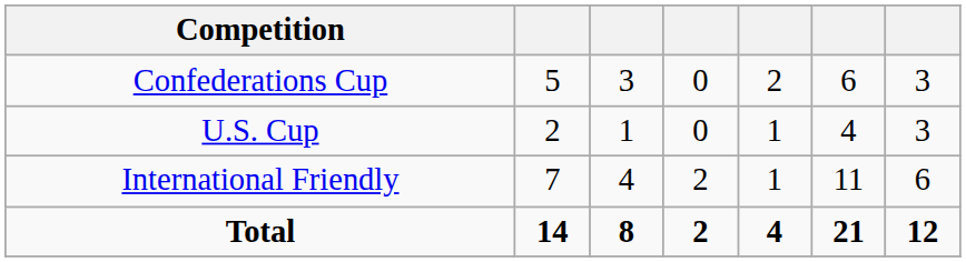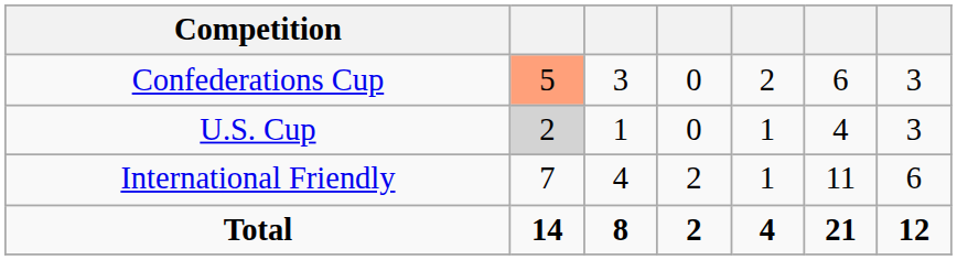 <table class="wikitable" style="text-align: center;">
 <tr>
 <th width=250>Competition</th>
 <th width=30></th>
 <th width=30></th>
 <th width=30></th>
 <th width=30></th>
 <th width=30></th>
 <th width=30></th>
 </tr>
 <tr>
 <td><a href='#'>Confederations Cup</a></td>
-<td>5</td>
+<td style="background: lightsalmon;">5</td>
 <td>3</td>
 <td>0</td>
 <td>2</td>
 <td>6</td>
 <td>3</td>
 </tr>
 <tr>
 <td><a href='#'>U.S. Cup</a></td>
-<td>2</td>
+<td style="background: lightgrey;">2</td>
 <td>1</td>
 <td>0</td>
 <td>1</td>
 <td>4</td>
 <td>3</td>
 </tr>
 <tr>
 <td><a href='#'>International Friendly</a></td>
 <td>7</td>
 <td>4</td>
 <td>2</td>
 <td>1</td>
 <td>11</td>
 <td>6</td>
 </tr>
 <tr>
 <td><strong>Total</strong></td>
 <td><strong>14</strong></td>
 <td><strong>8</strong></td>
 <td><strong>2</strong></td>
 <td><strong>4</strong></td>
 <td><strong>21</strong></td>
 <td><strong>12</strong></td>
 </tr>
 </table>
